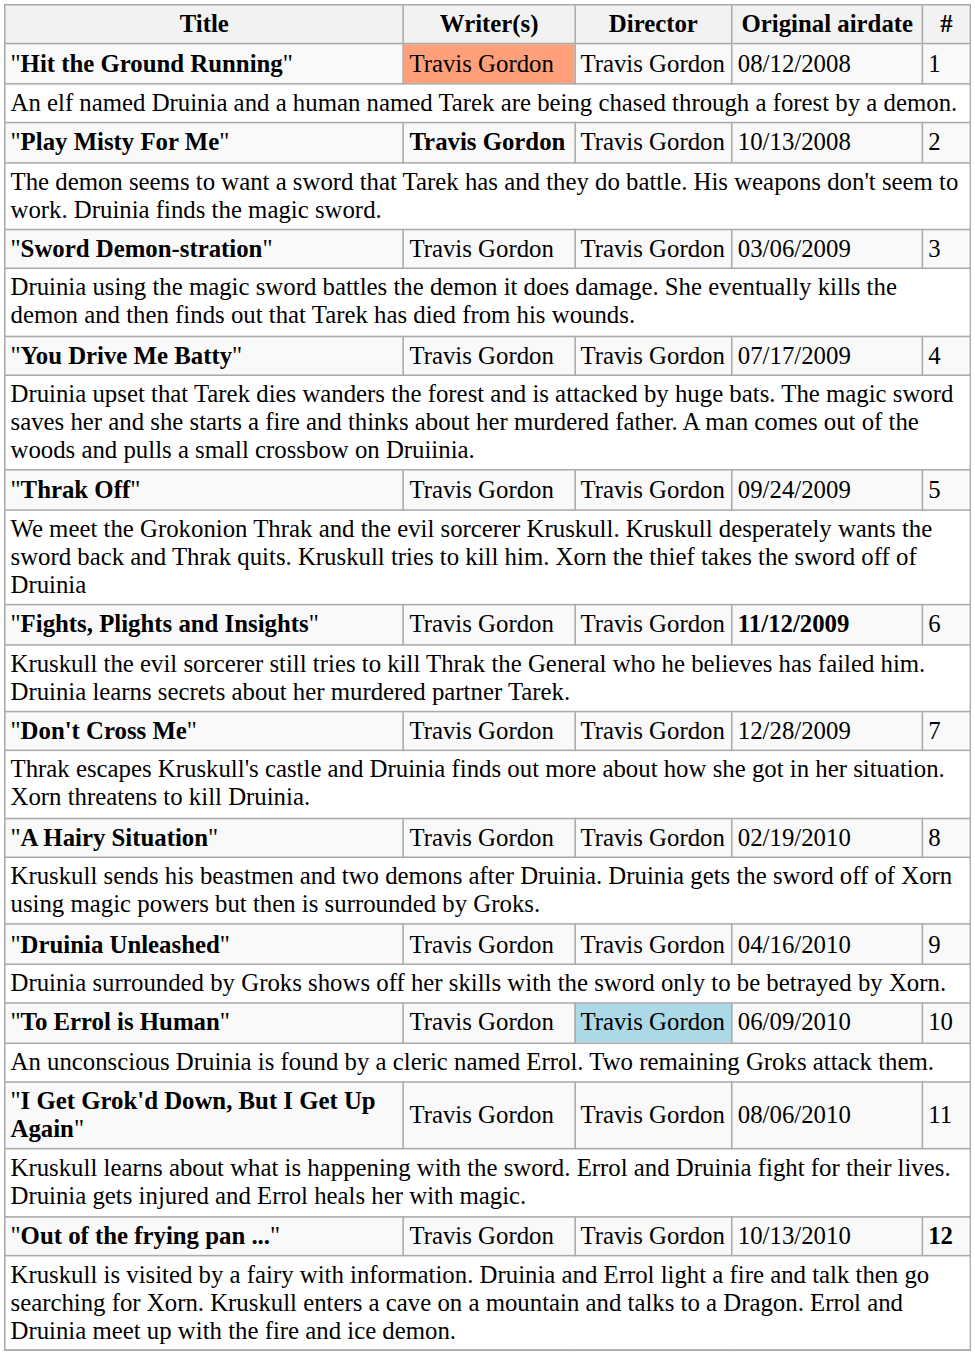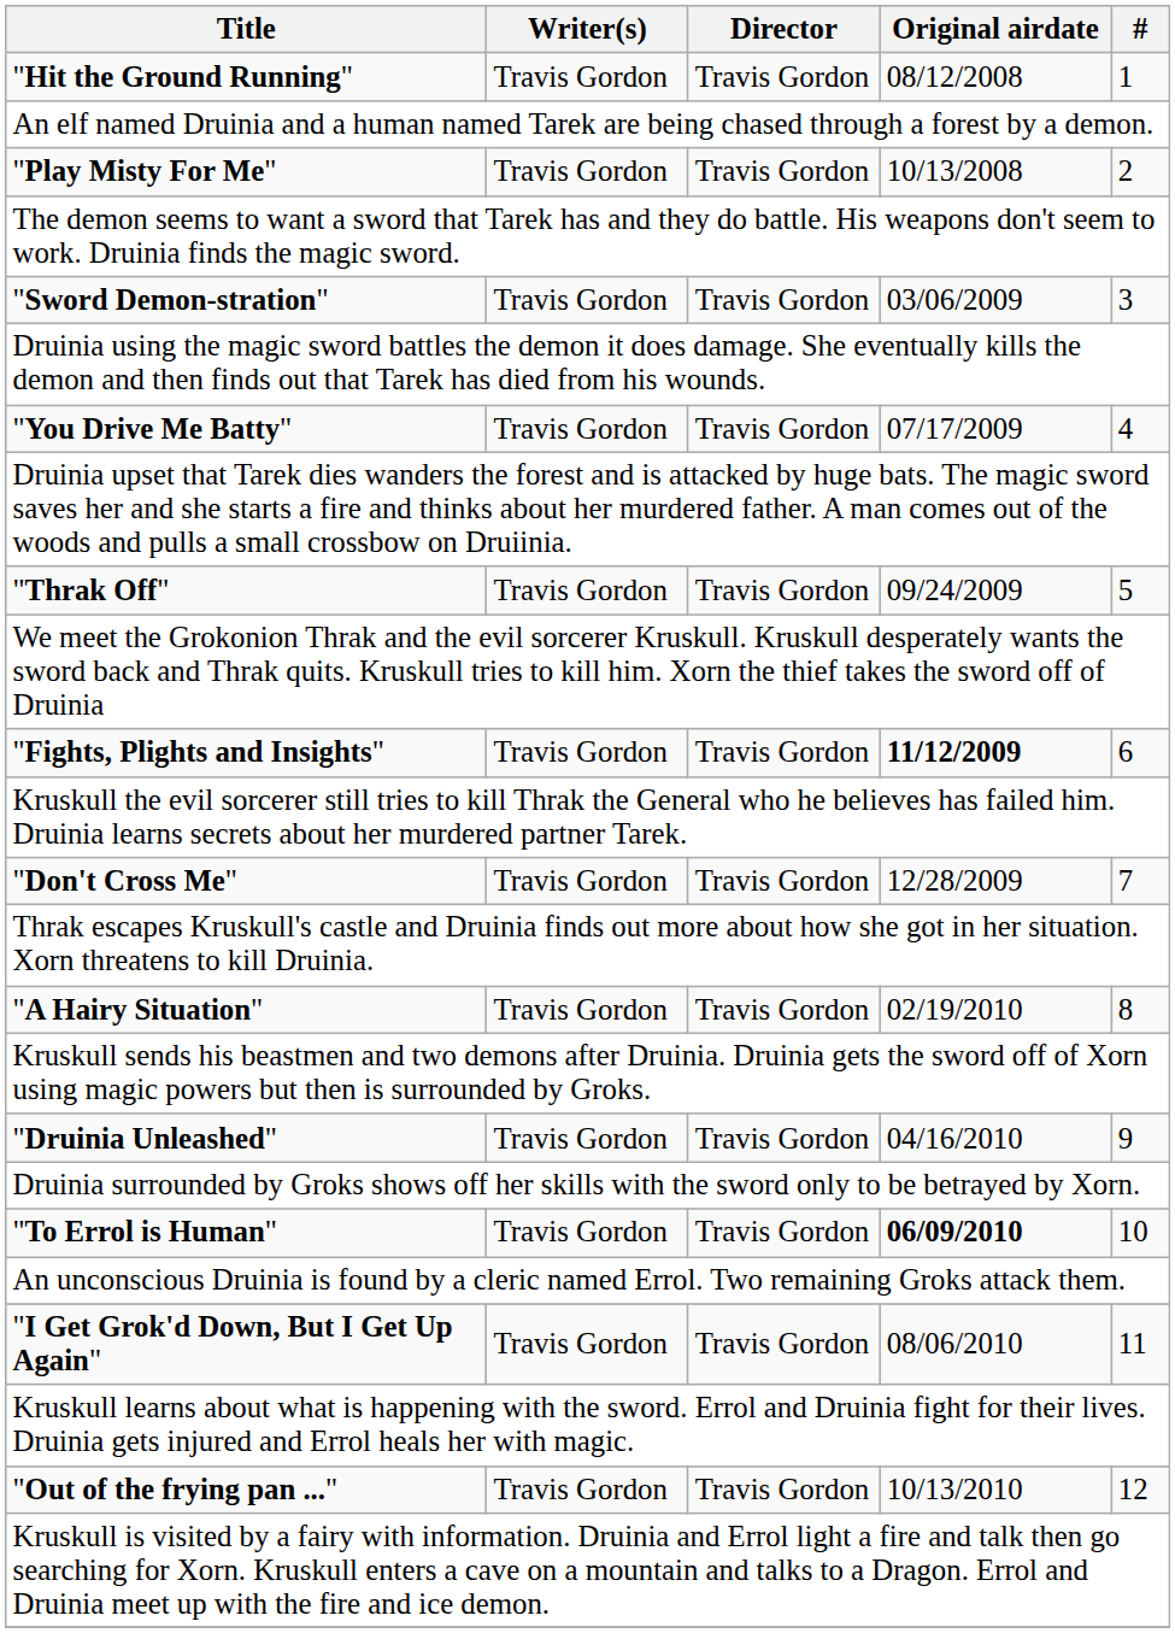 <table class="wikitable" width="100%">
 <tr>
 <th width="250">Title</th>
 <th align="center">Writer(s)</th>
 <th align="center">Director</th>
 <th align="center">Original airdate</th>
 <th align="center">#</th>
 </tr>
 <tr>
 <td>"<strong>Hit the Ground Running</strong>"</td>
-<td style="background: lightsalmon;">Travis Gordon</td>
+<td>Travis Gordon</td>
 <td>Travis Gordon</td>
 <td>08/12/2008</td>
 <td>1</td>
 </tr>
 <tr>
 <td colspan="6" bgcolor="FFFFFF">An elf named Druinia and a human named Tarek are being chased through a forest by a demon.</td>
 </tr>
 <tr>
 <td>"<strong>Play Misty For Me</strong>"</td>
-<td><strong>Travis Gordon</strong></td>
+<td>Travis Gordon</td>
 <td>Travis Gordon</td>
 <td>10/13/2008</td>
 <td>2</td>
 </tr>
 <tr>
 <td colspan="6" bgcolor="FFFFFF">The demon seems to want a sword that Tarek has and they do battle. His weapons don't seem to work. Druinia finds the magic sword.</td>
 </tr>
 <tr>
 <td>"<strong>Sword Demon-stration</strong>"</td>
 <td>Travis Gordon</td>
 <td>Travis Gordon</td>
 <td>03/06/2009</td>
 <td>3</td>
 </tr>
 <tr>
 <td colspan="6" bgcolor="FFFFFF">Druinia using the magic sword battles the demon it does damage. She eventually kills the demon and then finds out that Tarek has died from his wounds.</td>
 </tr>
 <tr>
 <td>"<strong>You Drive Me Batty</strong>"</td>
 <td>Travis Gordon</td>
 <td>Travis Gordon</td>
 <td>07/17/2009</td>
 <td>4</td>
 </tr>
 <tr>
 <td colspan="6" bgcolor="FFFFFF">Druinia upset that Tarek dies wanders the forest and is attacked by huge bats. The magic sword saves her and she starts a fire and thinks about her murdered father. A man comes out of the woods and pulls a small crossbow on Druiinia.</td>
 </tr>
 <tr>
 <td>"<strong>Thrak Off</strong>"</td>
 <td>Travis Gordon</td>
 <td>Travis Gordon</td>
 <td>09/24/2009</td>
 <td>5</td>
 </tr>
 <tr>
 <td colspan="6" bgcolor="FFFFFF">We meet the Grokonion Thrak and the evil sorcerer Kruskull. Kruskull desperately wants the sword back and Thrak quits. Kruskull tries to kill him. Xorn the thief takes the sword off of Druinia</td>
 </tr>
 <tr>
 <td>"<strong>Fights, Plights and Insights</strong>"</td>
 <td>Travis Gordon</td>
 <td>Travis Gordon</td>
 <td><strong>11/12/2009</strong></td>
 <td>6</td>
 </tr>
 <tr>
 <td colspan="6" bgcolor="FFFFFF">Kruskull the evil sorcerer still tries to kill Thrak the General who he believes has failed him. Druinia learns secrets about her murdered partner Tarek.</td>
 </tr>
 <tr>
 <td>"<strong>Don't Cross Me</strong>"</td>
 <td>Travis Gordon</td>
 <td>Travis Gordon</td>
 <td>12/28/2009</td>
 <td>7</td>
 </tr>
 <tr>
 <td colspan="6" bgcolor="FFFFFF">Thrak escapes Kruskull's castle and Druinia finds out more about how she got in her situation. Xorn threatens to kill Druinia.</td>
 </tr>
 <tr>
 <td>"<strong>A Hairy Situation</strong>"</td>
 <td>Travis Gordon</td>
 <td>Travis Gordon</td>
 <td>02/19/2010</td>
 <td>8</td>
 </tr>
 <tr>
 <td colspan="6" bgcolor="FFFFFF">Kruskull sends his beastmen and two demons after Druinia. Druinia gets the sword off of Xorn using magic powers but then is surrounded by Groks.</td>
 </tr>
 <tr>
 <td>"<strong>Druinia Unleashed</strong>"</td>
 <td>Travis Gordon</td>
 <td>Travis Gordon</td>
 <td>04/16/2010</td>
 <td>9</td>
 </tr>
 <tr>
 <td colspan="6" bgcolor="FFFFFF">Druinia surrounded by Groks shows off her skills with the sword only to be betrayed by Xorn.</td>
 </tr>
 <tr>
 <td>"<strong>To Errol is Human</strong>"</td>
 <td>Travis Gordon</td>
-<td style="background: lightblue;">Travis Gordon</td>
-<td>06/09/2010</td>
+<td>Travis Gordon</td>
+<td><strong>06/09/2010</strong></td>
 <td>10</td>
 </tr>
 <tr>
 <td colspan="6" bgcolor="FFFFFF">An unconscious Druinia is found by a cleric named Errol. Two remaining Groks attack them.</td>
 </tr>
 <tr>
 <td>"<strong>I Get Grok'd Down, But I Get Up Again</strong>"</td>
 <td>Travis Gordon</td>
 <td>Travis Gordon</td>
 <td>08/06/2010</td>
 <td>11</td>
 </tr>
 <tr>
 <td colspan="6" bgcolor="FFFFFF">Kruskull learns about what is happening with the sword. Errol and Druinia fight for their lives. Druinia gets injured and Errol heals her with magic.</td>
 </tr>
 <tr>
 <td>"<strong>Out of the frying pan ...</strong>"</td>
 <td>Travis Gordon</td>
 <td>Travis Gordon</td>
 <td>10/13/2010</td>
-<td><strong>12</strong></td>
+<td>12</td>
 </tr>
 <tr>
 <td colspan="6" bgcolor="FFFFFF">Kruskull is visited by a fairy with information. Druinia and Errol light a fire and talk then go searching for Xorn. Kruskull enters a cave on a mountain and talks to a Dragon. Errol and Druinia meet up with the fire and ice demon.</td>
 </tr>
 <tr>
 </tr>
 </table>
